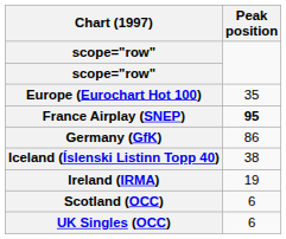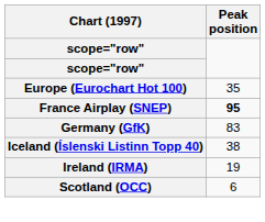 <table class="wikitable sortable plainrowheaders" style="text-align:center">
 <tr>
 <th scope="col">Chart (1997)</th>
 <th scope="col">Peak<br>position</th>
 </tr>
 <tr>
 <th>scope="row"</th>
 </tr>
 <tr>
 <th>scope="row"</th>
 </tr>
 <tr>
 <th scope="row">Europe (<a href='#'>Eurochart Hot 100</a>)</th>
 <td>35</td>
 </tr>
 <tr>
 <th scope="row">France Airplay (<a href='#'>SNEP</a>)</th>
 <td><strong>95</strong></td>
 </tr>
 <tr>
 <th scope="row">Germany (<a href='#'>GfK</a>)</th>
-<td>86</td>
+<td>83</td>
 </tr>
 <tr>
 <th scope="row">Iceland (<a href='#'>Íslenski Listinn Topp 40</a>)</th>
 <td>38</td>
 </tr>
 <tr>
 <th scope="row">Ireland (<a href='#'>IRMA</a>)</th>
 <td>19</td>
 </tr>
 <tr>
 <th scope="row">Scotland (<a href='#'>OCC</a>)</th>
 <td>6</td>
 </tr>
-<tr>
-<th scope="row"><a href='#'>UK Singles</a> (<a href='#'>OCC</a>)</th>
-<td>6</td>
-</tr>
 </table>
